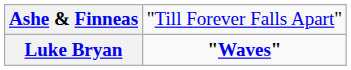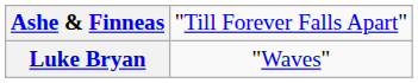 <table class="wikitable" style="text-align:center;">
 <tr>
 <th scope="col"><a href='#'>Ashe</a> & <a href='#'>Finneas</a></th>
 <td>"<a href='#'>Till Forever Falls Apart</a>"</td>
 </tr>
 <tr>
 <th scope="col"><a href='#'>Luke Bryan</a></th>
-<td><strong>"<a href='#'>Waves</a>"</strong></td>
+<td>"<a href='#'>Waves</a>"</td>
 </tr>
 </table>
